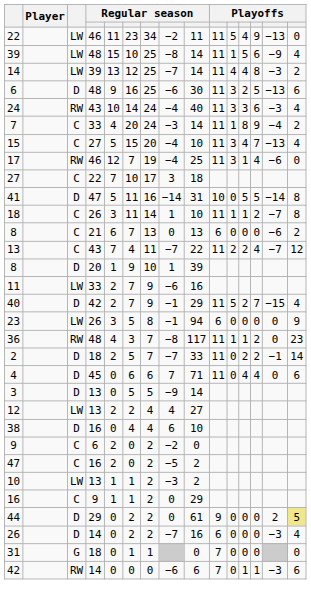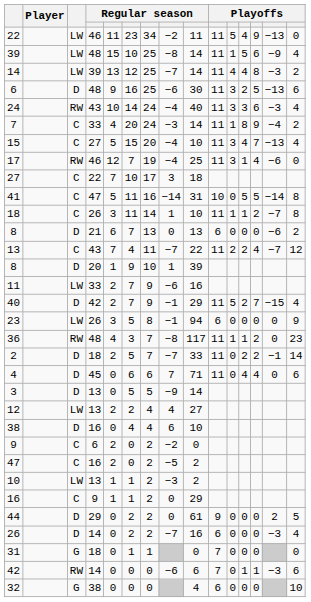 <table class="wikitable sortable plainrowheaders" style="text-align:center;">
 <tr>
 <th scope="col" data-sort-type="number" rowspan="2"></th>
 <th scope="col" rowspan="2">Player</th>
 <th scope="col" rowspan="2"></th>
 <th scope=colgroup colspan=6>Regular season</th>
 <th scope=colgroup colspan=6>Playoffs</th>
 </tr>
 <tr>
 <th scope="col" data-sort-type="number"></th>
 <th scope="col" data-sort-type="number"></th>
 <th scope="col" data-sort-type="number"></th>
 <th scope="col" data-sort-type="number"></th>
 <th scope="col" data-sort-type="number"></th>
 <th scope="col" data-sort-type="number"></th>
 <th scope="col" data-sort-type="number"></th>
 <th scope="col" data-sort-type="number"></th>
 <th scope="col" data-sort-type="number"></th>
 <th scope="col" data-sort-type="number"></th>
 <th scope="col" data-sort-type="number"></th>
 <th scope="col" data-sort-type="number"></th>
 </tr>
 <tr>
 <td scope="row">22</td>
 <td align="left"></td>
 <td>LW</td>
 <td>46</td>
 <td>11</td>
 <td>23</td>
 <td>34</td>
 <td>−2</td>
 <td>11</td>
 <td>11</td>
 <td>5</td>
 <td>4</td>
 <td>9</td>
 <td>−13</td>
 <td>0</td>
 </tr>
 <tr>
 <td scope="row">39</td>
 <td align="left"></td>
 <td>LW</td>
 <td>48</td>
 <td>15</td>
 <td>10</td>
 <td>25</td>
 <td>−8</td>
 <td>14</td>
 <td>11</td>
 <td>1</td>
 <td>5</td>
 <td>6</td>
 <td>−9</td>
 <td>4</td>
 </tr>
 <tr>
 <td scope="row">14</td>
 <td align="left"></td>
 <td>LW</td>
 <td>39</td>
 <td>13</td>
 <td>12</td>
 <td>25</td>
 <td>−7</td>
 <td>14</td>
 <td>11</td>
 <td>4</td>
 <td>4</td>
 <td>8</td>
 <td>−3</td>
 <td>2</td>
 </tr>
 <tr>
 <td scope="row">6</td>
 <td align="left"></td>
 <td>D</td>
 <td>48</td>
 <td>9</td>
 <td>16</td>
 <td>25</td>
 <td>−6</td>
 <td>30</td>
 <td>11</td>
 <td>3</td>
 <td>2</td>
 <td>5</td>
 <td>−13</td>
 <td>6</td>
 </tr>
 <tr>
 <td scope="row">24</td>
 <td align="left"></td>
 <td>RW</td>
 <td>43</td>
 <td>10</td>
 <td>14</td>
 <td>24</td>
 <td>−4</td>
 <td>40</td>
 <td>11</td>
 <td>3</td>
 <td>3</td>
 <td>6</td>
 <td>−3</td>
 <td>4</td>
 </tr>
 <tr>
 <td scope="row">7</td>
 <td align="left"></td>
 <td>C</td>
 <td>33</td>
 <td>4</td>
 <td>20</td>
 <td>24</td>
 <td>−3</td>
 <td>14</td>
 <td>11</td>
 <td>1</td>
 <td>8</td>
 <td>9</td>
 <td>−4</td>
 <td>2</td>
 </tr>
 <tr>
 <td scope="row">15</td>
 <td align="left"></td>
 <td>C</td>
 <td>27</td>
 <td>5</td>
 <td>15</td>
 <td>20</td>
 <td>−4</td>
 <td>10</td>
 <td>11</td>
 <td>3</td>
 <td>4</td>
 <td>7</td>
 <td>−13</td>
 <td>4</td>
 </tr>
 <tr>
 <td scope="row">17</td>
 <td align="left"></td>
 <td>RW</td>
 <td>46</td>
 <td>12</td>
 <td>7</td>
 <td>19</td>
 <td>−4</td>
 <td>25</td>
 <td>11</td>
 <td>3</td>
 <td>1</td>
 <td>4</td>
 <td>−6</td>
 <td>0</td>
 </tr>
 <tr>
 <td scope="row">27</td>
 <td align="left"></td>
 <td>C</td>
 <td>22</td>
 <td>7</td>
 <td>10</td>
 <td>17</td>
 <td>3</td>
 <td>18</td>
 <td></td>
 <td></td>
 <td></td>
 <td></td>
 <td></td>
 <td></td>
 </tr>
 <tr>
 <td scope="row">41</td>
 <td align="left"></td>
-<td>D</td>
+<td>C</td>
 <td>47</td>
 <td>5</td>
 <td>11</td>
 <td>16</td>
 <td>−14</td>
 <td>31</td>
 <td>10</td>
 <td>0</td>
 <td>5</td>
 <td>5</td>
 <td>−14</td>
 <td>8</td>
 </tr>
 <tr>
 <td scope="row">18</td>
 <td align="left"></td>
 <td>C</td>
 <td>26</td>
 <td>3</td>
 <td>11</td>
 <td>14</td>
 <td>1</td>
 <td>10</td>
 <td>11</td>
 <td>1</td>
 <td>1</td>
 <td>2</td>
 <td>−7</td>
 <td>8</td>
 </tr>
 <tr>
 <td scope="row">8</td>
 <td align="left"></td>
-<td>C</td>
+<td>D</td>
 <td>21</td>
 <td>6</td>
 <td>7</td>
 <td>13</td>
 <td>0</td>
 <td>13</td>
 <td>6</td>
 <td>0</td>
 <td>0</td>
 <td>0</td>
 <td>−6</td>
 <td>2</td>
 </tr>
 <tr>
 <td scope="row">13</td>
 <td align="left"></td>
 <td>C</td>
 <td>43</td>
 <td>7</td>
 <td>4</td>
 <td>11</td>
 <td>−7</td>
 <td>22</td>
 <td>11</td>
 <td>2</td>
 <td>2</td>
 <td>4</td>
 <td>−7</td>
 <td>12</td>
 </tr>
 <tr>
 <td scope="row">8</td>
 <td align="left"></td>
 <td>D</td>
 <td>20</td>
 <td>1</td>
 <td>9</td>
 <td>10</td>
 <td>1</td>
 <td>39</td>
 <td></td>
 <td></td>
 <td></td>
 <td></td>
 <td></td>
 <td></td>
 </tr>
 <tr>
 <td scope="row">11</td>
 <td align="left"></td>
 <td>LW</td>
 <td>33</td>
 <td>2</td>
 <td>7</td>
 <td>9</td>
 <td>−6</td>
 <td>16</td>
 <td></td>
 <td></td>
 <td></td>
 <td></td>
 <td></td>
 <td></td>
 </tr>
 <tr>
 <td scope="row">40</td>
 <td align="left"></td>
 <td>D</td>
 <td>42</td>
 <td>2</td>
 <td>7</td>
 <td>9</td>
 <td>−1</td>
 <td>29</td>
 <td>11</td>
 <td>5</td>
 <td>2</td>
 <td>7</td>
 <td>−15</td>
 <td>4</td>
 </tr>
 <tr>
 <td scope="row">23</td>
 <td align="left"></td>
 <td>LW</td>
 <td>26</td>
 <td>3</td>
 <td>5</td>
 <td>8</td>
 <td>−1</td>
 <td>94</td>
 <td>6</td>
 <td>0</td>
 <td>0</td>
 <td>0</td>
 <td>0</td>
 <td>9</td>
 </tr>
 <tr>
 <td scope="row">36</td>
 <td align="left"></td>
 <td>RW</td>
 <td>48</td>
 <td>4</td>
 <td>3</td>
 <td>7</td>
 <td>−8</td>
 <td>117</td>
 <td>11</td>
 <td>1</td>
 <td>1</td>
 <td>2</td>
 <td>0</td>
 <td>23</td>
 </tr>
 <tr>
 <td scope="row">2</td>
 <td align="left"></td>
 <td>D</td>
 <td>18</td>
 <td>2</td>
 <td>5</td>
 <td>7</td>
 <td>−7</td>
 <td>33</td>
 <td>11</td>
 <td>0</td>
 <td>2</td>
 <td>2</td>
 <td>−1</td>
 <td>14</td>
 </tr>
 <tr>
 <td scope="row">4</td>
 <td align="left"></td>
 <td>D</td>
 <td>45</td>
 <td>0</td>
 <td>6</td>
 <td>6</td>
 <td>7</td>
 <td>71</td>
 <td>11</td>
 <td>0</td>
 <td>4</td>
 <td>4</td>
 <td>0</td>
 <td>6</td>
 </tr>
 <tr>
 <td scope="row">3</td>
 <td align="left"></td>
 <td>D</td>
 <td>13</td>
 <td>0</td>
 <td>5</td>
 <td>5</td>
 <td>−9</td>
 <td>14</td>
 <td></td>
 <td></td>
 <td></td>
 <td></td>
 <td></td>
 <td></td>
 </tr>
 <tr>
 <td scope="row">12</td>
 <td align="left"></td>
 <td>LW</td>
 <td>13</td>
 <td>2</td>
 <td>2</td>
 <td>4</td>
 <td>4</td>
 <td>27</td>
 <td></td>
 <td></td>
 <td></td>
 <td></td>
 <td></td>
 <td></td>
 </tr>
 <tr>
 <td scope="row">38</td>
 <td align="left"></td>
 <td>D</td>
 <td>16</td>
 <td>0</td>
 <td>4</td>
 <td>4</td>
 <td>6</td>
 <td>10</td>
 <td></td>
 <td></td>
 <td></td>
 <td></td>
 <td></td>
 <td></td>
 </tr>
 <tr>
 <td scope="row">9</td>
 <td align="left"></td>
 <td>C</td>
 <td>6</td>
 <td>2</td>
 <td>0</td>
 <td>2</td>
 <td>−2</td>
 <td>0</td>
 <td></td>
 <td></td>
 <td></td>
 <td></td>
 <td></td>
 <td></td>
 </tr>
 <tr>
 <td scope="row">47</td>
 <td align="left"></td>
 <td>C</td>
 <td>16</td>
 <td>2</td>
 <td>0</td>
 <td>2</td>
 <td>−5</td>
 <td>2</td>
 <td></td>
 <td></td>
 <td></td>
 <td></td>
 <td></td>
 <td></td>
 </tr>
 <tr>
 <td scope="row">10</td>
 <td align="left"></td>
 <td>LW</td>
 <td>13</td>
 <td>1</td>
 <td>1</td>
 <td>2</td>
 <td>−3</td>
 <td>2</td>
 <td></td>
 <td></td>
 <td></td>
 <td></td>
 <td></td>
 <td></td>
 </tr>
 <tr>
 <td scope="row">16</td>
 <td align="left"></td>
 <td>C</td>
 <td>9</td>
 <td>1</td>
 <td>1</td>
 <td>2</td>
 <td>0</td>
 <td>29</td>
 <td></td>
 <td></td>
 <td></td>
 <td></td>
 <td></td>
 <td></td>
 </tr>
 <tr>
 <td scope="row">44</td>
 <td align="left"></td>
 <td>D</td>
 <td>29</td>
 <td>0</td>
 <td>2</td>
 <td>2</td>
 <td>0</td>
 <td>61</td>
 <td>9</td>
 <td>0</td>
 <td>0</td>
 <td>0</td>
 <td>2</td>
-<td style="background: khaki;">5</td>
+<td>5</td>
 </tr>
 <tr>
 <td scope="row">26</td>
 <td align="left"></td>
 <td>D</td>
 <td>14</td>
 <td>0</td>
 <td>2</td>
 <td>2</td>
 <td>−7</td>
 <td>16</td>
 <td>6</td>
 <td>0</td>
 <td>0</td>
 <td>0</td>
 <td>−3</td>
 <td>4</td>
 </tr>
 <tr>
 <td scope="row">31</td>
 <td align="left"></td>
 <td>G</td>
 <td>18</td>
 <td>0</td>
 <td>1</td>
 <td>1</td>
 <td style="background:#ccc"></td>
 <td>0</td>
 <td>7</td>
 <td>0</td>
 <td>0</td>
 <td>0</td>
 <td style="background:#ccc"></td>
 <td>0</td>
 </tr>
 <tr>
 <td scope="row">42</td>
 <td align="left"></td>
 <td>RW</td>
 <td>14</td>
 <td>0</td>
 <td>0</td>
 <td>0</td>
 <td>−6</td>
 <td>6</td>
 <td>7</td>
 <td>0</td>
 <td>1</td>
 <td>1</td>
 <td>−3</td>
 <td>6</td>
 </tr>
+<tr>
+<td scope="row">32</td>
+<td align="left"></td>
+<td>G</td>
+<td>38</td>
+<td>0</td>
+<td>0</td>
+<td>0</td>
+<td style="background:#ccc"></td>
+<td>4</td>
+<td>6</td>
+<td>0</td>
+<td>0</td>
+<td>0</td>
+<td style="background:#ccc"></td>
+<td>10</td>
+</tr>
 </table>
